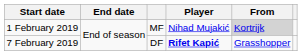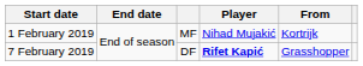 <table class="wikitable" style="text-align:center;">
 <tr>
 <th>Start date</th>
 <th>End date</th>
 <th></th>
 <th>Player</th>
 <th>From</th>
 <th></th>
 </tr>
 <tr>
 <td>1 February 2019</td>
 <td rowspan=2>End of season</td>
 <td>MF</td>
 <td style="text-align:left"> <a href='#'>Nihad Mujakić</a></td>
-<td style="background: lightgrey; text-align:left"> <a href='#'>Kortrijk</a></td>
+<td style="text-align:left"> <a href='#'>Kortrijk</a></td>
 <td></td>
 </tr>
 <tr>
 <td>7 February 2019</td>
 <td>DF</td>
 <td style="text-align:left"><strong> <a href='#'>Rifet Kapić</a></strong></td>
 <td style="text-align:left"> <a href='#'>Grasshopper</a></td>
 <td></td>
 </tr>
 </table>
